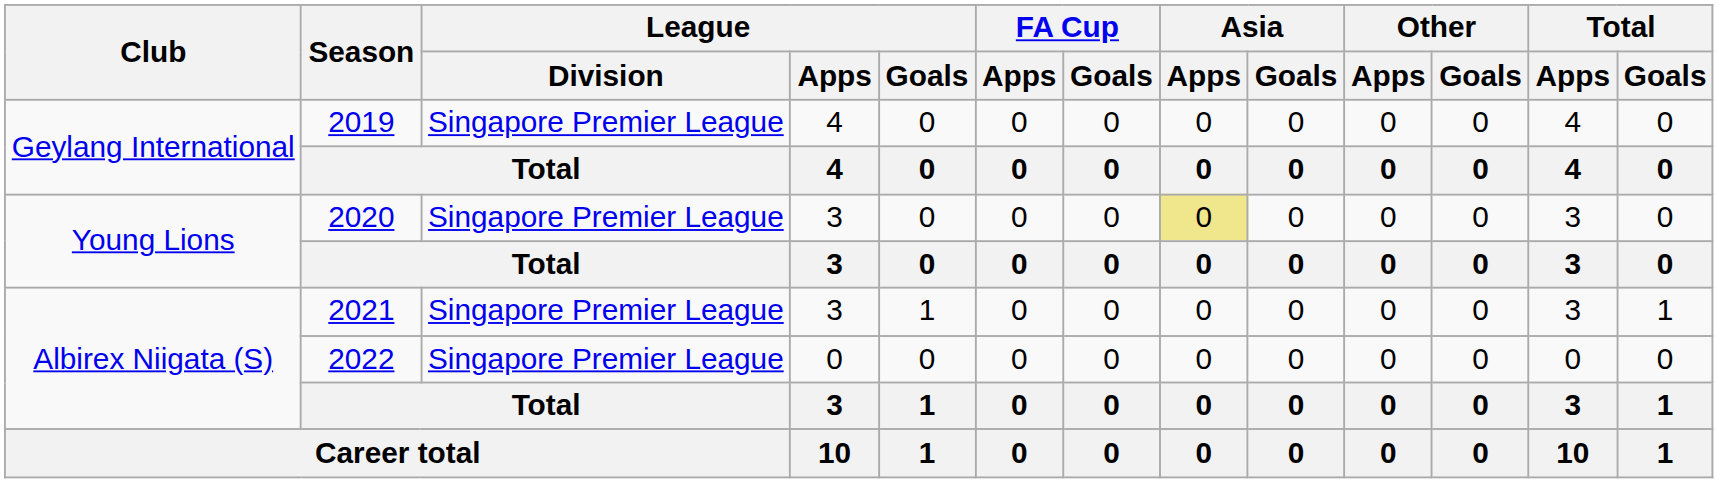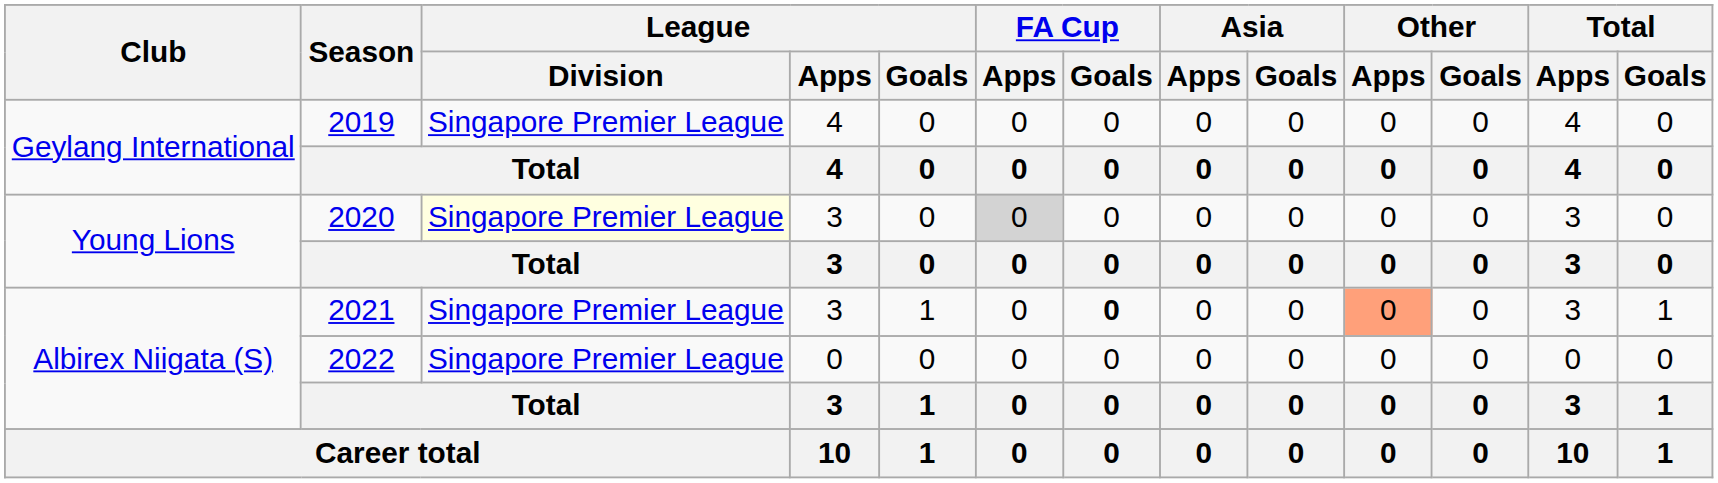 <table class="wikitable" style="text-align: center">
 <tr>
 <th rowspan="2">Club</th>
 <th rowspan="2">Season</th>
 <th colspan="3">League</th>
 <th colspan="2"><a href='#'>FA Cup</a></th>
 <th colspan="2">Asia</th>
 <th colspan="2">Other</th>
 <th colspan="2">Total</th>
 </tr>
 <tr>
 <th>Division</th>
 <th>Apps</th>
 <th>Goals</th>
 <th>Apps</th>
 <th>Goals</th>
 <th>Apps</th>
 <th>Goals</th>
 <th>Apps</th>
 <th>Goals</th>
 <th>Apps</th>
 <th>Goals</th>
 </tr>
 <tr>
 <td rowspan="2"><a href='#'>Geylang International</a></td>
 <td><a href='#'>2019</a></td>
 <td><a href='#'>Singapore Premier League</a></td>
 <td>4</td>
 <td>0</td>
 <td>0</td>
 <td>0</td>
 <td>0</td>
 <td>0</td>
 <td>0</td>
 <td>0</td>
 <td>4</td>
 <td>0</td>
 </tr>
 <tr>
 <th colspan=2>Total</th>
 <th>4</th>
 <th>0</th>
 <th>0</th>
 <th>0</th>
 <th>0</th>
 <th>0</th>
 <th>0</th>
 <th>0</th>
 <th>4</th>
 <th>0</th>
 </tr>
 <tr>
 <td rowspan="2"><a href='#'>Young Lions</a></td>
 <td><a href='#'>2020</a></td>
-<td><a href='#'>Singapore Premier League</a></td>
+<td style="background: lightyellow;"><a href='#'>Singapore Premier League</a></td>
 <td>3</td>
 <td>0</td>
+<td style="background: lightgrey;">0</td>
 <td>0</td>
 <td>0</td>
-<td style="background: khaki;">0</td>
 <td>0</td>
 <td>0</td>
 <td>0</td>
 <td>3</td>
 <td>0</td>
 </tr>
 <tr>
 <th colspan=2>Total</th>
 <th>3</th>
 <th>0</th>
 <th>0</th>
 <th>0</th>
 <th>0</th>
 <th>0</th>
 <th>0</th>
 <th>0</th>
 <th>3</th>
 <th>0</th>
 </tr>
 <tr>
 <td rowspan="3"><a href='#'>Albirex Niigata (S)</a></td>
 <td><a href='#'>2021</a></td>
 <td><a href='#'>Singapore Premier League</a></td>
 <td>3</td>
 <td>1</td>
 <td>0</td>
+<td><strong>0</strong></td>
 <td>0</td>
 <td>0</td>
-<td>0</td>
-<td>0</td>
+<td style="background: lightsalmon;">0</td>
 <td>0</td>
 <td>3</td>
 <td>1</td>
 </tr>
 <tr>
 <td><a href='#'>2022</a></td>
 <td><a href='#'>Singapore Premier League</a></td>
 <td>0</td>
 <td>0</td>
 <td>0</td>
 <td>0</td>
 <td>0</td>
 <td>0</td>
 <td>0</td>
 <td>0</td>
 <td>0</td>
 <td>0</td>
 </tr>
 <tr>
 <th colspan=2>Total</th>
 <th>3</th>
 <th>1</th>
 <th>0</th>
 <th>0</th>
 <th>0</th>
 <th>0</th>
 <th>0</th>
 <th>0</th>
 <th>3</th>
 <th>1</th>
 </tr>
 <tr>
 <th colspan=3>Career total</th>
 <th>10</th>
 <th>1</th>
 <th>0</th>
 <th>0</th>
 <th>0</th>
 <th>0</th>
 <th>0</th>
 <th>0</th>
 <th>10</th>
 <th>1</th>
 </tr>
 </table>
